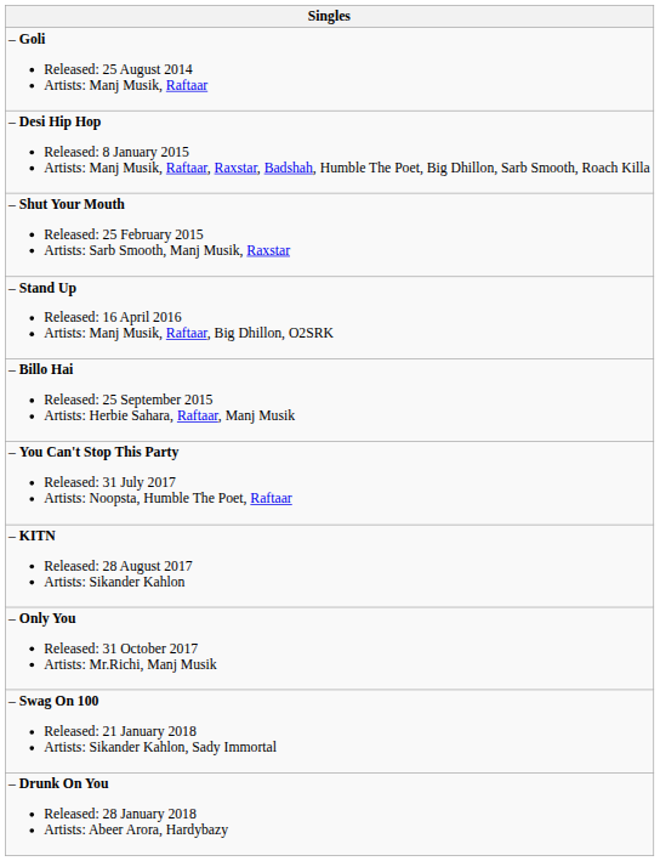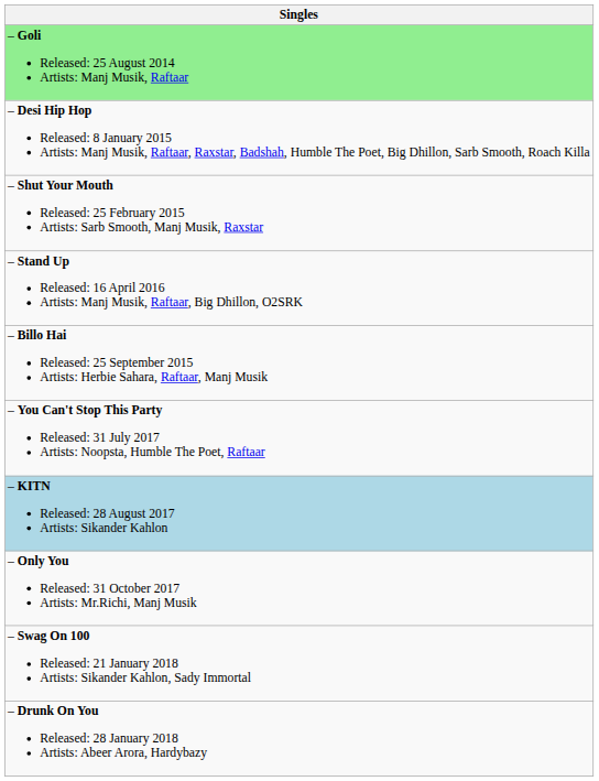 <table class="wikitable">
 <tr>
 <th align="left">Singles</th>
 </tr>
 <tr>
-<td align="left">– <strong>Goli</strong><br><ul><li>Released: 25 August 2014</li><li>Artists: Manj Musik, <a href='#'>Raftaar</a></li></ul></td>
+<td align="left" style="background: lightgreen;">– <strong>Goli</strong><br><ul><li>Released: 25 August 2014</li><li>Artists: Manj Musik, <a href='#'>Raftaar</a></li></ul></td>
 </tr>
 <tr>
 <td align="left">– <strong>Desi Hip Hop</strong><br><ul><li>Released: 8 January 2015</li><li>Artists: Manj Musik, <a href='#'>Raftaar</a>, <a href='#'>Raxstar</a>, <a href='#'>Badshah</a>, Humble The Poet, Big Dhillon, Sarb Smooth, Roach Killa</li></ul></td>
 </tr>
 <tr>
 <td align="left">– <strong>Shut Your Mouth</strong><br><ul><li>Released: 25 February 2015</li><li>Artists: Sarb Smooth, Manj Musik, <a href='#'>Raxstar</a></li></ul></td>
 </tr>
 <tr>
 <td align="left">– <strong>Stand Up</strong><br><ul><li>Released: 16 April 2016</li><li>Artists: Manj Musik, <a href='#'>Raftaar</a>, Big Dhillon, O2SRK</li></ul></td>
 </tr>
 <tr>
 <td align="left">– <strong>Billo Hai</strong><br><ul><li>Released: 25 September 2015</li><li>Artists: Herbie Sahara, <a href='#'>Raftaar</a>, Manj Musik</li></ul></td>
 </tr>
 <tr>
 <td align="left">– <strong>You Can't Stop This Party</strong><br><ul><li>Released: 31 July 2017</li><li>Artists: Noopsta, Humble The Poet, <a href='#'>Raftaar</a></li></ul></td>
 </tr>
 <tr>
-<td align="left">– <strong>KITN</strong><br><ul><li>Released: 28 August 2017</li><li>Artists: Sikander Kahlon</li></ul></td>
+<td align="left" style="background: lightblue;">– <strong>KITN</strong><br><ul><li>Released: 28 August 2017</li><li>Artists: Sikander Kahlon</li></ul></td>
 </tr>
 <tr>
 <td align="left">– <strong>Only You</strong><br><ul><li>Released: 31 October 2017</li><li>Artists: Mr.Richi, Manj Musik</li></ul></td>
 </tr>
 <tr>
 <td align="left">– <strong>Swag On 100</strong><br><ul><li>Released: 21 January 2018</li><li>Artists: Sikander Kahlon, Sady Immortal</li></ul></td>
 </tr>
 <tr>
 <td align="left">– <strong>Drunk On You</strong><br><ul><li>Released: 28 January 2018</li><li>Artists: Abeer Arora, Hardybazy</li></ul></td>
 </tr>
 </table>
